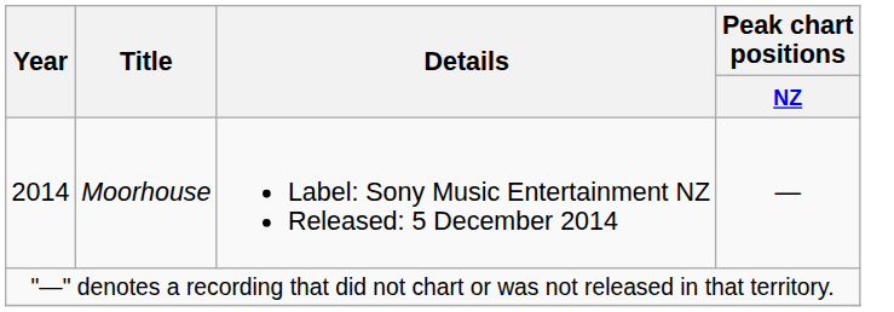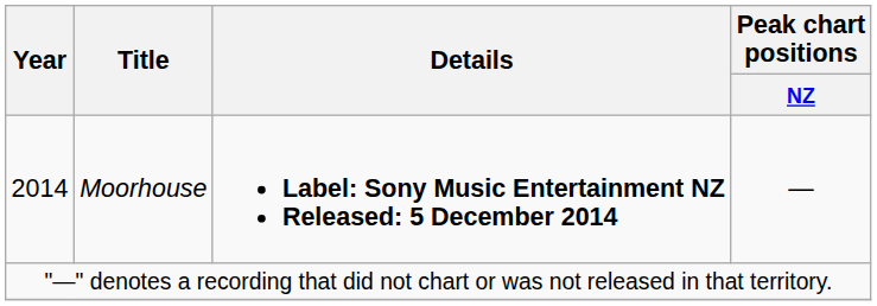 <table class="wikitable plainrowheaders">
 <tr>
 <th rowspan="2">Year</th>
 <th rowspan="2">Title</th>
 <th rowspan="2">Details</th>
 <th>Peak chart<br>positions</th>
 </tr>
 <tr>
 <th><small><a href='#'>NZ</a></small></th>
 </tr>
 <tr>
 <td>2014</td>
 <td><em>Moorhouse</em></td>
-<td><br><ul><li>Label: Sony Music Entertainment NZ</li><li>Released: 5 December 2014</li></ul></td>
+<td><strong><br><ul><li>Label: Sony Music Entertainment NZ</li><li>Released: 5 December 2014</li></ul></strong></td>
 <td align="center">—</td>
 </tr>
 <tr>
 <td colspan="4" style="font-size:90%" align="center">"—" denotes a recording that did not chart or was not released in that territory.</td>
 </tr>
 <tr>
 </tr>
 </table>
